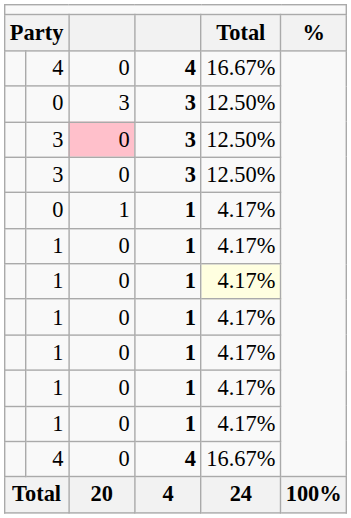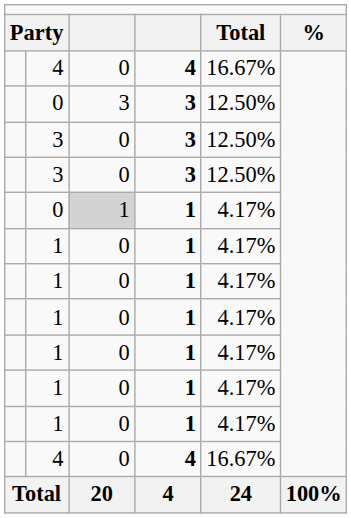 <table class=wikitable style="text-align:right">
 <tr>
 <td colspan="6"></td>
 </tr>
 <tr>
 <th colspan="2">Party</th>
 <th width=40px></th>
 <th width=40px></th>
 <th width=40px>Total</th>
 <th width=40px>%</th>
 </tr>
 <tr>
 <td></td>
 <td>4</td>
 <td>0</td>
 <td><strong>4</strong></td>
 <td>16.67%</td>
 </tr>
 <tr>
 <td></td>
 <td>0</td>
 <td>3</td>
 <td><strong>3</strong></td>
 <td>12.50%</td>
 </tr>
 <tr>
 <td></td>
 <td>3</td>
-<td style="background: pink;">0</td>
+<td>0</td>
 <td><strong>3</strong></td>
 <td>12.50%</td>
 </tr>
 <tr>
 <td></td>
 <td>3</td>
 <td>0</td>
 <td><strong>3</strong></td>
 <td>12.50%</td>
 </tr>
 <tr>
 <td></td>
 <td>0</td>
-<td>1</td>
+<td style="background: lightgrey;">1</td>
 <td><strong>1</strong></td>
 <td>4.17%</td>
 </tr>
 <tr>
 <td></td>
 <td>1</td>
 <td>0</td>
 <td><strong>1</strong></td>
 <td>4.17%</td>
 </tr>
 <tr>
 <td></td>
 <td>1</td>
 <td>0</td>
 <td><strong>1</strong></td>
-<td style="background: lightyellow;">4.17%</td>
+<td>4.17%</td>
 </tr>
 <tr>
 <td></td>
 <td>1</td>
 <td>0</td>
 <td><strong>1</strong></td>
 <td>4.17%</td>
 </tr>
 <tr>
 <td></td>
 <td>1</td>
 <td>0</td>
 <td><strong>1</strong></td>
 <td>4.17%</td>
 </tr>
 <tr>
 <td></td>
 <td>1</td>
 <td>0</td>
 <td><strong>1</strong></td>
 <td>4.17%</td>
 </tr>
 <tr>
 <td></td>
 <td>1</td>
 <td>0</td>
 <td><strong>1</strong></td>
 <td>4.17%</td>
 </tr>
 <tr>
 <td></td>
 <td>4</td>
 <td>0</td>
 <td><strong>4</strong></td>
 <td>16.67%</td>
 </tr>
 <tr>
 <th colspan="2">Total</th>
 <th>20</th>
 <th>4</th>
 <th>24</th>
 <th>100%</th>
 </tr>
 </table>
